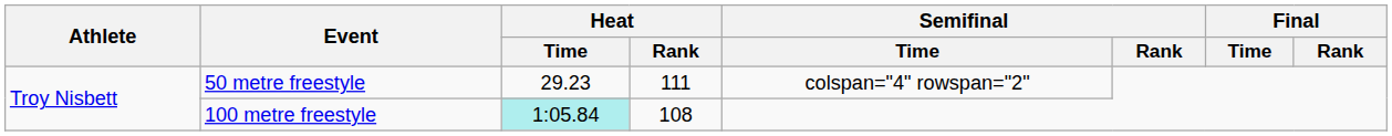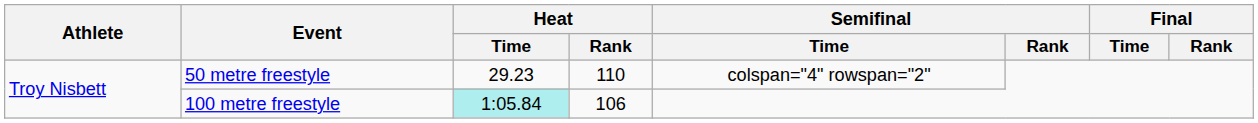 <table class="wikitable" style="text-align:center; font-size:90%; width:50%;">
 <tr>
 <th rowspan="2">Athlete</th>
 <th rowspan="2">Event</th>
 <th colspan="2">Heat</th>
 <th colspan="2">Semifinal</th>
 <th colspan="2">Final</th>
 </tr>
 <tr style="font-size:95%">
 <th>Time</th>
 <th>Rank</th>
 <th>Time</th>
 <th>Rank</th>
 <th>Time</th>
 <th>Rank</th>
 </tr>
 <tr align=center>
 <td align=left rowspan="2"><a href='#'>Troy Nisbett</a></td>
 <td align=left><a href='#'>50 metre freestyle</a></td>
 <td>29.23</td>
-<td>111</td>
+<td>110</td>
 <td>colspan="4" rowspan="2"</td>
 </tr>
 <tr align=center>
 <td align=left><a href='#'>100 metre freestyle</a></td>
 <td style="background: paleturquoise;">1:05.84</td>
-<td>108</td>
+<td>106</td>
 </tr>
 </table>
